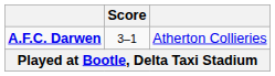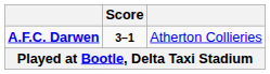 <table class="wikitable" style="text-align: center">
 <tr>
 <th></th>
 <th>Score</th>
 <th></th>
 </tr>
 <tr>
 <td><strong><a href='#'>A.F.C. Darwen</a></strong></td>
-<td><small>3–1</small></td>
+<td><strong><small>3–1</small></strong></td>
 <td><a href='#'>Atherton Collieries</a></td>
 </tr>
 <tr>
 <th colspan="3">Played at <a href='#'>Bootle</a>, Delta Taxi Stadium</th>
 </tr>
 </table>
